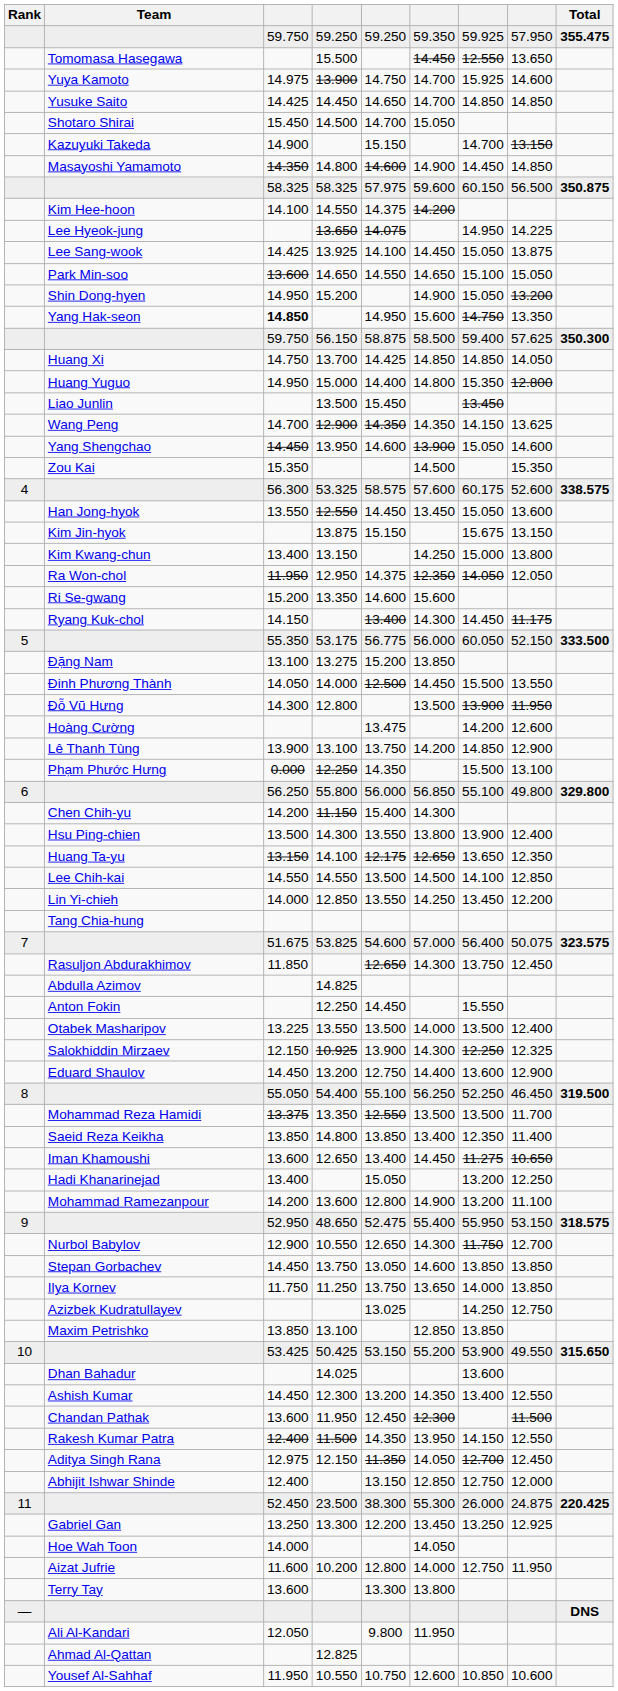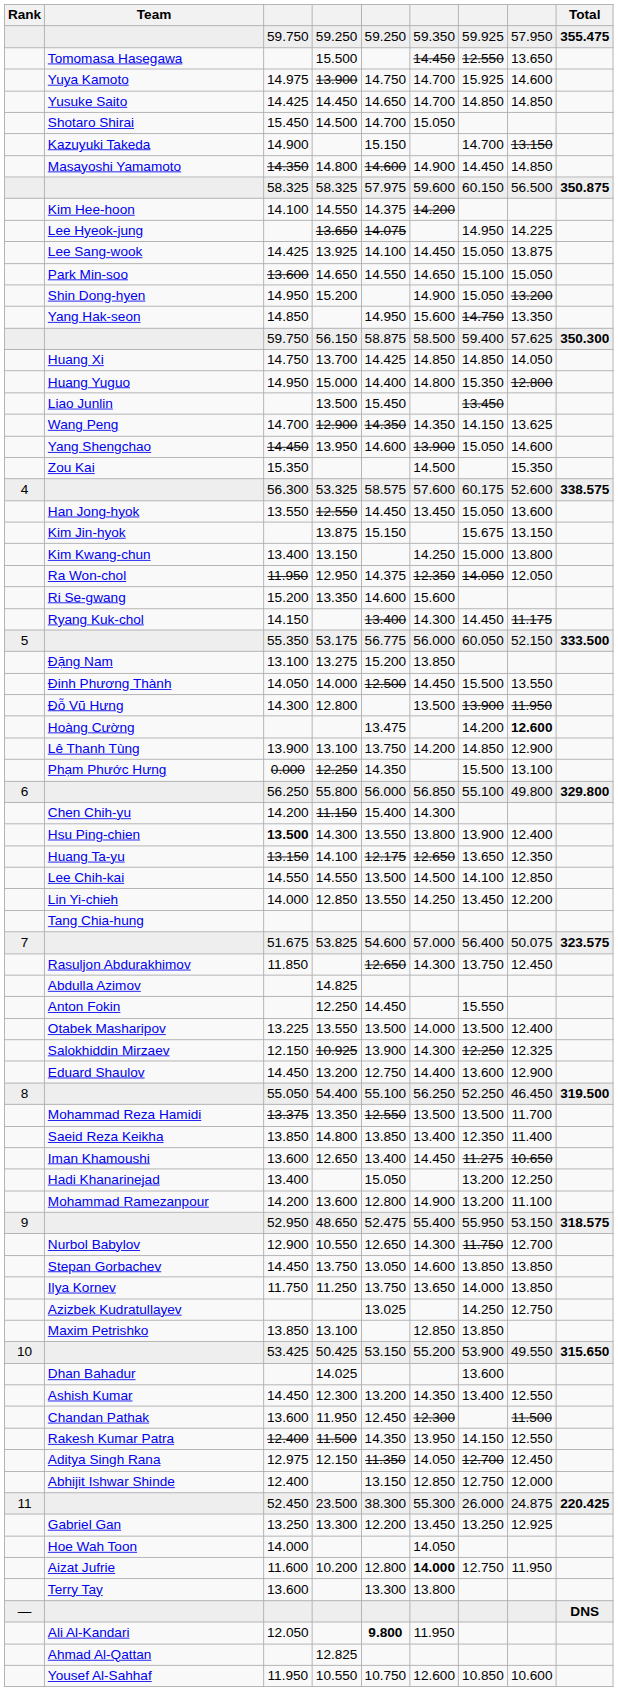 <table class=wikitable style="text-align:center">
 <tr>
 <th width=40>Rank</th>
 <th width=250>Team</th>
 <th width=50></th>
 <th width=50></th>
 <th width=50></th>
 <th width=50></th>
 <th width=50></th>
 <th width=50></th>
 <th width=60>Total</th>
 </tr>
 <tr bgcolor=eeeeee>
 <td></td>
 <td align=left></td>
 <td>59.750</td>
 <td>59.250</td>
 <td>59.250</td>
 <td>59.350</td>
 <td>59.925</td>
 <td>57.950</td>
 <td><strong>355.475</strong></td>
 </tr>
 <tr>
 <td></td>
 <td align=left><a href='#'>Tomomasa Hasegawa</a></td>
 <td></td>
 <td>15.500</td>
 <td></td>
 <td><s>14.450</s></td>
 <td><s>12.550</s></td>
 <td>13.650</td>
 <td></td>
 </tr>
 <tr>
 <td></td>
 <td align=left><a href='#'>Yuya Kamoto</a></td>
 <td>14.975</td>
 <td><s>13.900</s></td>
 <td>14.750</td>
 <td>14.700</td>
 <td>15.925</td>
 <td>14.600</td>
 <td></td>
 </tr>
 <tr>
 <td></td>
 <td align=left><a href='#'>Yusuke Saito</a></td>
 <td>14.425</td>
 <td>14.450</td>
 <td>14.650</td>
 <td>14.700</td>
 <td>14.850</td>
 <td>14.850</td>
 <td></td>
 </tr>
 <tr>
 <td></td>
 <td align=left><a href='#'>Shotaro Shirai</a></td>
 <td>15.450</td>
 <td>14.500</td>
 <td>14.700</td>
 <td>15.050</td>
 <td></td>
 <td></td>
 <td></td>
 </tr>
 <tr>
 <td></td>
 <td align=left><a href='#'>Kazuyuki Takeda</a></td>
 <td>14.900</td>
 <td></td>
 <td>15.150</td>
 <td></td>
 <td>14.700</td>
 <td><s>13.150</s></td>
 <td></td>
 </tr>
 <tr>
 <td></td>
 <td align=left><a href='#'>Masayoshi Yamamoto</a></td>
 <td><s>14.350</s></td>
 <td>14.800</td>
 <td><s>14.600</s></td>
 <td>14.900</td>
 <td>14.450</td>
 <td>14.850</td>
 <td></td>
 </tr>
 <tr bgcolor=eeeeee>
 <td></td>
 <td align=left></td>
 <td>58.325</td>
 <td>58.325</td>
 <td>57.975</td>
 <td>59.600</td>
 <td>60.150</td>
 <td>56.500</td>
 <td><strong>350.875</strong></td>
 </tr>
 <tr>
 <td></td>
 <td align=left><a href='#'>Kim Hee-hoon</a></td>
 <td>14.100</td>
 <td>14.550</td>
 <td>14.375</td>
 <td><s>14.200</s></td>
 <td></td>
 <td></td>
 <td></td>
 </tr>
 <tr>
 <td></td>
 <td align=left><a href='#'>Lee Hyeok-jung</a></td>
 <td></td>
 <td><s>13.650</s></td>
 <td><s>14.075</s></td>
 <td></td>
 <td>14.950</td>
 <td>14.225</td>
 <td></td>
 </tr>
 <tr>
 <td></td>
 <td align=left><a href='#'>Lee Sang-wook</a></td>
 <td>14.425</td>
 <td>13.925</td>
 <td>14.100</td>
 <td>14.450</td>
 <td>15.050</td>
 <td>13.875</td>
 <td></td>
 </tr>
 <tr>
 <td></td>
 <td align=left><a href='#'>Park Min-soo</a></td>
 <td><s>13.600</s></td>
 <td>14.650</td>
 <td>14.550</td>
 <td>14.650</td>
 <td>15.100</td>
 <td>15.050</td>
 <td></td>
 </tr>
 <tr>
 <td></td>
 <td align=left><a href='#'>Shin Dong-hyen</a></td>
 <td>14.950</td>
 <td>15.200</td>
 <td></td>
 <td>14.900</td>
 <td>15.050</td>
 <td><s>13.200</s></td>
 <td></td>
 </tr>
 <tr>
 <td></td>
 <td align=left><a href='#'>Yang Hak-seon</a></td>
-<td><strong>14.850</strong></td>
+<td>14.850</td>
 <td></td>
 <td>14.950</td>
 <td>15.600</td>
 <td><s>14.750</s></td>
 <td>13.350</td>
 <td></td>
 </tr>
 <tr bgcolor=eeeeee>
 <td></td>
 <td align=left></td>
 <td>59.750</td>
 <td>56.150</td>
 <td>58.875</td>
 <td>58.500</td>
 <td>59.400</td>
 <td>57.625</td>
 <td><strong>350.300</strong></td>
 </tr>
 <tr>
 <td></td>
 <td align=left><a href='#'>Huang Xi</a></td>
 <td>14.750</td>
 <td>13.700</td>
 <td>14.425</td>
 <td>14.850</td>
 <td>14.850</td>
 <td>14.050</td>
 <td></td>
 </tr>
 <tr>
 <td></td>
 <td align=left><a href='#'>Huang Yuguo</a></td>
 <td>14.950</td>
 <td>15.000</td>
 <td>14.400</td>
 <td>14.800</td>
 <td>15.350</td>
 <td><s>12.800</s></td>
 <td></td>
 </tr>
 <tr>
 <td></td>
 <td align=left><a href='#'>Liao Junlin</a></td>
 <td></td>
 <td>13.500</td>
 <td>15.450</td>
 <td></td>
 <td><s>13.450</s></td>
 <td></td>
 <td></td>
 </tr>
 <tr>
 <td></td>
 <td align=left><a href='#'>Wang Peng</a></td>
 <td>14.700</td>
 <td><s>12.900</s></td>
 <td><s>14.350</s></td>
 <td>14.350</td>
 <td>14.150</td>
 <td>13.625</td>
 <td></td>
 </tr>
 <tr>
 <td></td>
 <td align=left><a href='#'>Yang Shengchao</a></td>
 <td><s>14.450</s></td>
 <td>13.950</td>
 <td>14.600</td>
 <td><s>13.900</s></td>
 <td>15.050</td>
 <td>14.600</td>
 <td></td>
 </tr>
 <tr>
 <td></td>
 <td align=left><a href='#'>Zou Kai</a></td>
 <td>15.350</td>
 <td></td>
 <td></td>
 <td>14.500</td>
 <td></td>
 <td>15.350</td>
 <td></td>
 </tr>
 <tr bgcolor=eeeeee>
 <td>4</td>
 <td align=left></td>
 <td>56.300</td>
 <td>53.325</td>
 <td>58.575</td>
 <td>57.600</td>
 <td>60.175</td>
 <td>52.600</td>
 <td><strong>338.575</strong></td>
 </tr>
 <tr>
 <td></td>
 <td align=left><a href='#'>Han Jong-hyok</a></td>
 <td>13.550</td>
 <td><s>12.550</s></td>
 <td>14.450</td>
 <td>13.450</td>
 <td>15.050</td>
 <td>13.600</td>
 <td></td>
 </tr>
 <tr>
 <td></td>
 <td align=left><a href='#'>Kim Jin-hyok</a></td>
 <td></td>
 <td>13.875</td>
 <td>15.150</td>
 <td></td>
 <td>15.675</td>
 <td>13.150</td>
 <td></td>
 </tr>
 <tr>
 <td></td>
 <td align=left><a href='#'>Kim Kwang-chun</a></td>
 <td>13.400</td>
 <td>13.150</td>
 <td></td>
 <td>14.250</td>
 <td>15.000</td>
 <td>13.800</td>
 <td></td>
 </tr>
 <tr>
 <td></td>
 <td align=left><a href='#'>Ra Won-chol</a></td>
 <td><s>11.950</s></td>
 <td>12.950</td>
 <td>14.375</td>
 <td><s>12.350</s></td>
 <td><s>14.050</s></td>
 <td>12.050</td>
 <td></td>
 </tr>
 <tr>
 <td></td>
 <td align=left><a href='#'>Ri Se-gwang</a></td>
 <td>15.200</td>
 <td>13.350</td>
 <td>14.600</td>
 <td>15.600</td>
 <td></td>
 <td></td>
 <td></td>
 </tr>
 <tr>
 <td></td>
 <td align=left><a href='#'>Ryang Kuk-chol</a></td>
 <td>14.150</td>
 <td></td>
 <td><s>13.400</s></td>
 <td>14.300</td>
 <td>14.450</td>
 <td><s>11.175</s></td>
 <td></td>
 </tr>
 <tr bgcolor=eeeeee>
 <td>5</td>
 <td align=left></td>
 <td>55.350</td>
 <td>53.175</td>
 <td>56.775</td>
 <td>56.000</td>
 <td>60.050</td>
 <td>52.150</td>
 <td><strong>333.500</strong></td>
 </tr>
 <tr>
 <td></td>
 <td align=left><a href='#'>Đặng Nam</a></td>
 <td>13.100</td>
 <td>13.275</td>
 <td>15.200</td>
 <td>13.850</td>
 <td></td>
 <td></td>
 <td></td>
 </tr>
 <tr>
 <td></td>
 <td align=left><a href='#'>Đinh Phương Thành</a></td>
 <td>14.050</td>
 <td>14.000</td>
 <td><s>12.500</s></td>
 <td>14.450</td>
 <td>15.500</td>
 <td>13.550</td>
 <td></td>
 </tr>
 <tr>
 <td></td>
 <td align=left><a href='#'>Đỗ Vũ Hưng</a></td>
 <td>14.300</td>
 <td>12.800</td>
 <td></td>
 <td>13.500</td>
 <td><s>13.900</s></td>
 <td><s>11.950</s></td>
 <td></td>
 </tr>
 <tr>
 <td></td>
 <td align=left><a href='#'>Hoàng Cường</a></td>
 <td></td>
 <td></td>
 <td>13.475</td>
 <td></td>
 <td>14.200</td>
-<td>12.600</td>
+<td><strong>12.600</strong></td>
 <td></td>
 </tr>
 <tr>
 <td></td>
 <td align=left><a href='#'>Lê Thanh Tùng</a></td>
 <td>13.900</td>
 <td>13.100</td>
 <td>13.750</td>
 <td>14.200</td>
 <td>14.850</td>
 <td>12.900</td>
 <td></td>
 </tr>
 <tr>
 <td></td>
 <td align=left><a href='#'>Phạm Phước Hưng</a></td>
 <td><s>0.000</s></td>
 <td><s>12.250</s></td>
 <td>14.350</td>
 <td></td>
 <td>15.500</td>
 <td>13.100</td>
 <td></td>
 </tr>
 <tr bgcolor=eeeeee>
 <td>6</td>
 <td align=left></td>
 <td>56.250</td>
 <td>55.800</td>
 <td>56.000</td>
 <td>56.850</td>
 <td>55.100</td>
 <td>49.800</td>
 <td><strong>329.800</strong></td>
 </tr>
 <tr>
 <td></td>
 <td align=left><a href='#'>Chen Chih-yu</a></td>
 <td>14.200</td>
 <td><s>11.150</s></td>
 <td>15.400</td>
 <td>14.300</td>
 <td></td>
 <td></td>
 <td></td>
 </tr>
 <tr>
 <td></td>
 <td align=left><a href='#'>Hsu Ping-chien</a></td>
-<td>13.500</td>
+<td><strong>13.500</strong></td>
 <td>14.300</td>
 <td>13.550</td>
 <td>13.800</td>
 <td>13.900</td>
 <td>12.400</td>
 <td></td>
 </tr>
 <tr>
 <td></td>
 <td align=left><a href='#'>Huang Ta-yu</a></td>
 <td><s>13.150</s></td>
 <td>14.100</td>
 <td><s>12.175</s></td>
 <td><s>12.650</s></td>
 <td>13.650</td>
 <td>12.350</td>
 <td></td>
 </tr>
 <tr>
 <td></td>
 <td align=left><a href='#'>Lee Chih-kai</a></td>
 <td>14.550</td>
 <td>14.550</td>
 <td>13.500</td>
 <td>14.500</td>
 <td>14.100</td>
 <td>12.850</td>
 <td></td>
 </tr>
 <tr>
 <td></td>
 <td align=left><a href='#'>Lin Yi-chieh</a></td>
 <td>14.000</td>
 <td>12.850</td>
 <td>13.550</td>
 <td>14.250</td>
 <td>13.450</td>
 <td>12.200</td>
 <td></td>
 </tr>
 <tr>
 <td></td>
 <td align=left><a href='#'>Tang Chia-hung</a></td>
 <td></td>
 <td></td>
 <td></td>
 <td></td>
 <td></td>
 <td></td>
 <td></td>
 </tr>
 <tr bgcolor=eeeeee>
 <td>7</td>
 <td align=left></td>
 <td>51.675</td>
 <td>53.825</td>
 <td>54.600</td>
 <td>57.000</td>
 <td>56.400</td>
 <td>50.075</td>
 <td><strong>323.575</strong></td>
 </tr>
 <tr>
 <td></td>
 <td align=left><a href='#'>Rasuljon Abdurakhimov</a></td>
 <td>11.850</td>
 <td></td>
 <td><s>12.650</s></td>
 <td>14.300</td>
 <td>13.750</td>
 <td>12.450</td>
 <td></td>
 </tr>
 <tr>
 <td></td>
 <td align=left><a href='#'>Abdulla Azimov</a></td>
 <td></td>
 <td>14.825</td>
 <td></td>
 <td></td>
 <td></td>
 <td></td>
 <td></td>
 </tr>
 <tr>
 <td></td>
 <td align=left><a href='#'>Anton Fokin</a></td>
 <td></td>
 <td>12.250</td>
 <td>14.450</td>
 <td></td>
 <td>15.550</td>
 <td></td>
 <td></td>
 </tr>
 <tr>
 <td></td>
 <td align=left><a href='#'>Otabek Masharipov</a></td>
 <td>13.225</td>
 <td>13.550</td>
 <td>13.500</td>
 <td>14.000</td>
 <td>13.500</td>
 <td>12.400</td>
 <td></td>
 </tr>
 <tr>
 <td></td>
 <td align=left><a href='#'>Salokhiddin Mirzaev</a></td>
 <td>12.150</td>
 <td><s>10.925</s></td>
 <td>13.900</td>
 <td>14.300</td>
 <td><s>12.250</s></td>
 <td>12.325</td>
 <td></td>
 </tr>
 <tr>
 <td></td>
 <td align=left><a href='#'>Eduard Shaulov</a></td>
 <td>14.450</td>
 <td>13.200</td>
 <td>12.750</td>
 <td>14.400</td>
 <td>13.600</td>
 <td>12.900</td>
 <td></td>
 </tr>
 <tr bgcolor=eeeeee>
 <td>8</td>
 <td align=left></td>
 <td>55.050</td>
 <td>54.400</td>
 <td>55.100</td>
 <td>56.250</td>
 <td>52.250</td>
 <td>46.450</td>
 <td><strong>319.500</strong></td>
 </tr>
 <tr>
 <td></td>
 <td align=left><a href='#'>Mohammad Reza Hamidi</a></td>
 <td><s>13.375</s></td>
 <td>13.350</td>
 <td><s>12.550</s></td>
 <td>13.500</td>
 <td>13.500</td>
 <td>11.700</td>
 <td></td>
 </tr>
 <tr>
 <td></td>
 <td align=left><a href='#'>Saeid Reza Keikha</a></td>
 <td>13.850</td>
 <td>14.800</td>
 <td>13.850</td>
 <td>13.400</td>
 <td>12.350</td>
 <td>11.400</td>
 <td></td>
 </tr>
 <tr>
 <td></td>
 <td align=left><a href='#'>Iman Khamoushi</a></td>
 <td>13.600</td>
 <td>12.650</td>
 <td>13.400</td>
 <td>14.450</td>
 <td><s>11.275</s></td>
 <td><s>10.650</s></td>
 <td></td>
 </tr>
 <tr>
 <td></td>
 <td align=left><a href='#'>Hadi Khanarinejad</a></td>
 <td>13.400</td>
 <td></td>
 <td>15.050</td>
 <td></td>
 <td>13.200</td>
 <td>12.250</td>
 <td></td>
 </tr>
 <tr>
 <td></td>
 <td align=left><a href='#'>Mohammad Ramezanpour</a></td>
 <td>14.200</td>
 <td>13.600</td>
 <td>12.800</td>
 <td>14.900</td>
 <td>13.200</td>
 <td>11.100</td>
 <td></td>
 </tr>
 <tr bgcolor=eeeeee>
 <td>9</td>
 <td align=left></td>
 <td>52.950</td>
 <td>48.650</td>
 <td>52.475</td>
 <td>55.400</td>
 <td>55.950</td>
 <td>53.150</td>
 <td><strong>318.575</strong></td>
 </tr>
 <tr>
 <td></td>
 <td align=left><a href='#'>Nurbol Babylov</a></td>
 <td>12.900</td>
 <td>10.550</td>
 <td>12.650</td>
 <td>14.300</td>
 <td><s>11.750</s></td>
 <td>12.700</td>
 <td></td>
 </tr>
 <tr>
 <td></td>
 <td align=left><a href='#'>Stepan Gorbachev</a></td>
 <td>14.450</td>
 <td>13.750</td>
 <td>13.050</td>
 <td>14.600</td>
 <td>13.850</td>
 <td>13.850</td>
 <td></td>
 </tr>
 <tr>
 <td></td>
 <td align=left><a href='#'>Ilya Kornev</a></td>
 <td>11.750</td>
 <td>11.250</td>
 <td>13.750</td>
 <td>13.650</td>
 <td>14.000</td>
 <td>13.850</td>
 <td></td>
 </tr>
 <tr>
 <td></td>
 <td align=left><a href='#'>Azizbek Kudratullayev</a></td>
 <td></td>
 <td></td>
 <td>13.025</td>
 <td></td>
 <td>14.250</td>
 <td>12.750</td>
 <td></td>
 </tr>
 <tr>
 <td></td>
 <td align=left><a href='#'>Maxim Petrishko</a></td>
 <td>13.850</td>
 <td>13.100</td>
 <td></td>
 <td>12.850</td>
 <td>13.850</td>
 <td></td>
 <td></td>
 </tr>
 <tr bgcolor=eeeeee>
 <td>10</td>
 <td align=left></td>
 <td>53.425</td>
 <td>50.425</td>
 <td>53.150</td>
 <td>55.200</td>
 <td>53.900</td>
 <td>49.550</td>
 <td><strong>315.650</strong></td>
 </tr>
 <tr>
 <td></td>
 <td align=left><a href='#'>Dhan Bahadur</a></td>
 <td></td>
 <td>14.025</td>
 <td></td>
 <td></td>
 <td>13.600</td>
 <td></td>
 <td></td>
 </tr>
 <tr>
 <td></td>
 <td align=left><a href='#'>Ashish Kumar</a></td>
 <td>14.450</td>
 <td>12.300</td>
 <td>13.200</td>
 <td>14.350</td>
 <td>13.400</td>
 <td>12.550</td>
 <td></td>
 </tr>
 <tr>
 <td></td>
 <td align=left><a href='#'>Chandan Pathak</a></td>
 <td>13.600</td>
 <td>11.950</td>
 <td>12.450</td>
 <td><s>12.300</s></td>
 <td></td>
 <td><s>11.500</s></td>
 <td></td>
 </tr>
 <tr>
 <td></td>
 <td align=left><a href='#'>Rakesh Kumar Patra</a></td>
 <td><s>12.400</s></td>
 <td><s>11.500</s></td>
 <td>14.350</td>
 <td>13.950</td>
 <td>14.150</td>
 <td>12.550</td>
 <td></td>
 </tr>
 <tr>
 <td></td>
 <td align=left><a href='#'>Aditya Singh Rana</a></td>
 <td>12.975</td>
 <td>12.150</td>
 <td><s>11.350</s></td>
 <td>14.050</td>
 <td><s>12.700</s></td>
 <td>12.450</td>
 <td></td>
 </tr>
 <tr>
 <td></td>
 <td align=left><a href='#'>Abhijit Ishwar Shinde</a></td>
 <td>12.400</td>
 <td></td>
 <td>13.150</td>
 <td>12.850</td>
 <td>12.750</td>
 <td>12.000</td>
 <td></td>
 </tr>
 <tr bgcolor=eeeeee>
 <td>11</td>
 <td align=left></td>
 <td>52.450</td>
 <td>23.500</td>
 <td>38.300</td>
 <td>55.300</td>
 <td>26.000</td>
 <td>24.875</td>
 <td><strong>220.425</strong></td>
 </tr>
 <tr>
 <td></td>
 <td align=left><a href='#'>Gabriel Gan</a></td>
 <td>13.250</td>
 <td>13.300</td>
 <td>12.200</td>
 <td>13.450</td>
 <td>13.250</td>
 <td>12.925</td>
 <td></td>
 </tr>
 <tr>
 <td></td>
 <td align=left><a href='#'>Hoe Wah Toon</a></td>
 <td>14.000</td>
 <td></td>
 <td></td>
 <td>14.050</td>
 <td></td>
 <td></td>
 <td></td>
 </tr>
 <tr>
 <td></td>
 <td align=left><a href='#'>Aizat Jufrie</a></td>
 <td>11.600</td>
 <td>10.200</td>
 <td>12.800</td>
-<td>14.000</td>
+<td><strong>14.000</strong></td>
 <td>12.750</td>
 <td>11.950</td>
 <td></td>
 </tr>
 <tr>
 <td></td>
 <td align=left><a href='#'>Terry Tay</a></td>
 <td>13.600</td>
 <td></td>
 <td>13.300</td>
 <td>13.800</td>
 <td></td>
 <td></td>
 <td></td>
 </tr>
 <tr bgcolor=eeeeee>
 <td>—</td>
 <td align=left></td>
 <td></td>
 <td></td>
 <td></td>
 <td></td>
 <td></td>
 <td></td>
 <td><strong>DNS</strong></td>
 </tr>
 <tr>
 <td></td>
 <td align=left><a href='#'>Ali Al-Kandari</a></td>
 <td>12.050</td>
 <td></td>
-<td>9.800</td>
+<td><strong>9.800</strong></td>
 <td>11.950</td>
 <td></td>
 <td></td>
 <td></td>
 </tr>
 <tr>
 <td></td>
 <td align=left><a href='#'>Ahmad Al-Qattan</a></td>
 <td></td>
 <td>12.825</td>
 <td></td>
 <td></td>
 <td></td>
 <td></td>
 <td></td>
 </tr>
 <tr>
 <td></td>
 <td align=left><a href='#'>Yousef Al-Sahhaf</a></td>
 <td>11.950</td>
 <td>10.550</td>
 <td>10.750</td>
 <td>12.600</td>
 <td>10.850</td>
 <td>10.600</td>
 <td></td>
 </tr>
 </table>
